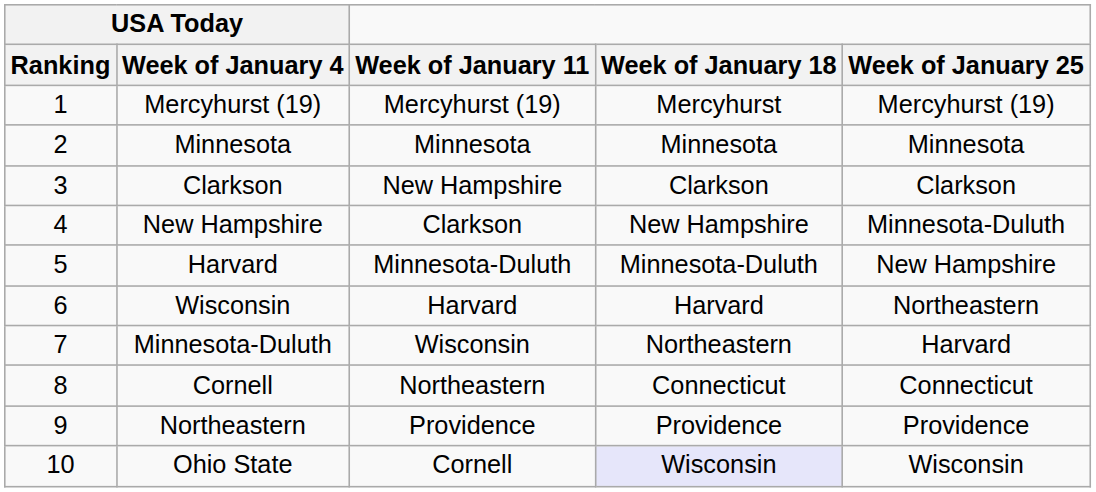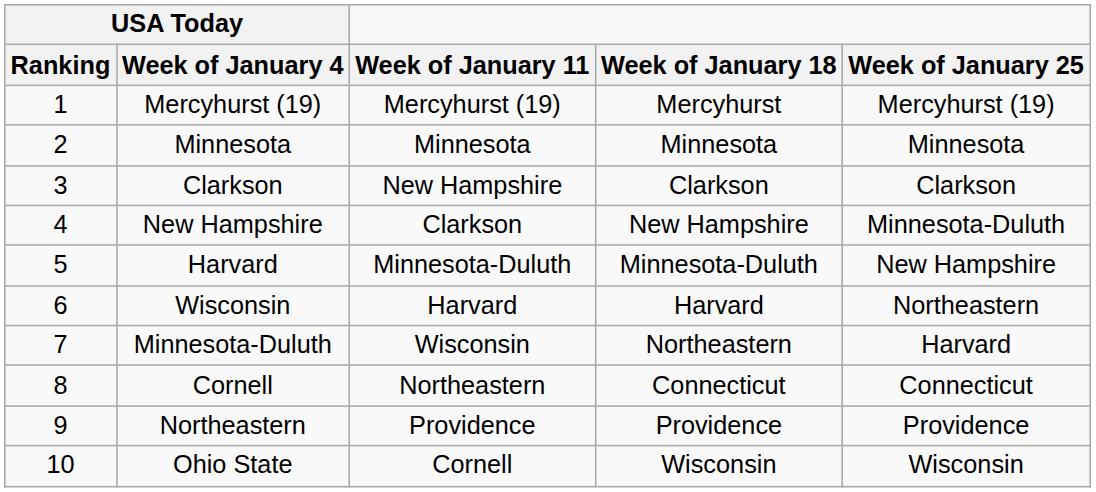 <table class="wikitable" style="text-align:center;">
 <tr>
 <th colspan=2><strong>USA Today</strong></th>
 </tr>
 <tr>
 <th>Ranking</th>
 <th>Week of January 4</th>
 <th>Week of January 11</th>
 <th>Week of January 18</th>
 <th>Week of January 25</th>
 </tr>
 <tr>
 <td>1</td>
 <td>Mercyhurst (19)</td>
 <td>Mercyhurst (19)</td>
 <td>Mercyhurst</td>
 <td>Mercyhurst (19)</td>
 </tr>
 <tr>
 <td>2</td>
 <td>Minnesota</td>
 <td>Minnesota</td>
 <td>Minnesota</td>
 <td>Minnesota</td>
 </tr>
 <tr>
 <td>3</td>
 <td>Clarkson</td>
 <td>New Hampshire</td>
 <td>Clarkson</td>
 <td>Clarkson</td>
 </tr>
 <tr>
 <td>4</td>
 <td>New Hampshire</td>
 <td>Clarkson</td>
 <td>New Hampshire</td>
 <td>Minnesota-Duluth</td>
 </tr>
 <tr>
 <td>5</td>
 <td>Harvard</td>
 <td>Minnesota-Duluth</td>
 <td>Minnesota-Duluth</td>
 <td>New Hampshire</td>
 </tr>
 <tr>
 <td>6</td>
 <td>Wisconsin</td>
 <td>Harvard</td>
 <td>Harvard</td>
 <td>Northeastern</td>
 </tr>
 <tr>
 <td>7</td>
 <td>Minnesota-Duluth</td>
 <td>Wisconsin</td>
 <td>Northeastern</td>
 <td>Harvard</td>
 </tr>
 <tr>
 <td>8</td>
 <td>Cornell</td>
 <td>Northeastern</td>
 <td>Connecticut</td>
 <td>Connecticut</td>
 </tr>
 <tr>
 <td>9</td>
 <td>Northeastern</td>
 <td>Providence</td>
 <td>Providence</td>
 <td>Providence</td>
 </tr>
 <tr>
 <td>10</td>
 <td>Ohio State</td>
 <td>Cornell</td>
-<td style="background: lavender;">Wisconsin</td>
+<td>Wisconsin</td>
 <td>Wisconsin</td>
 </tr>
 </table>
